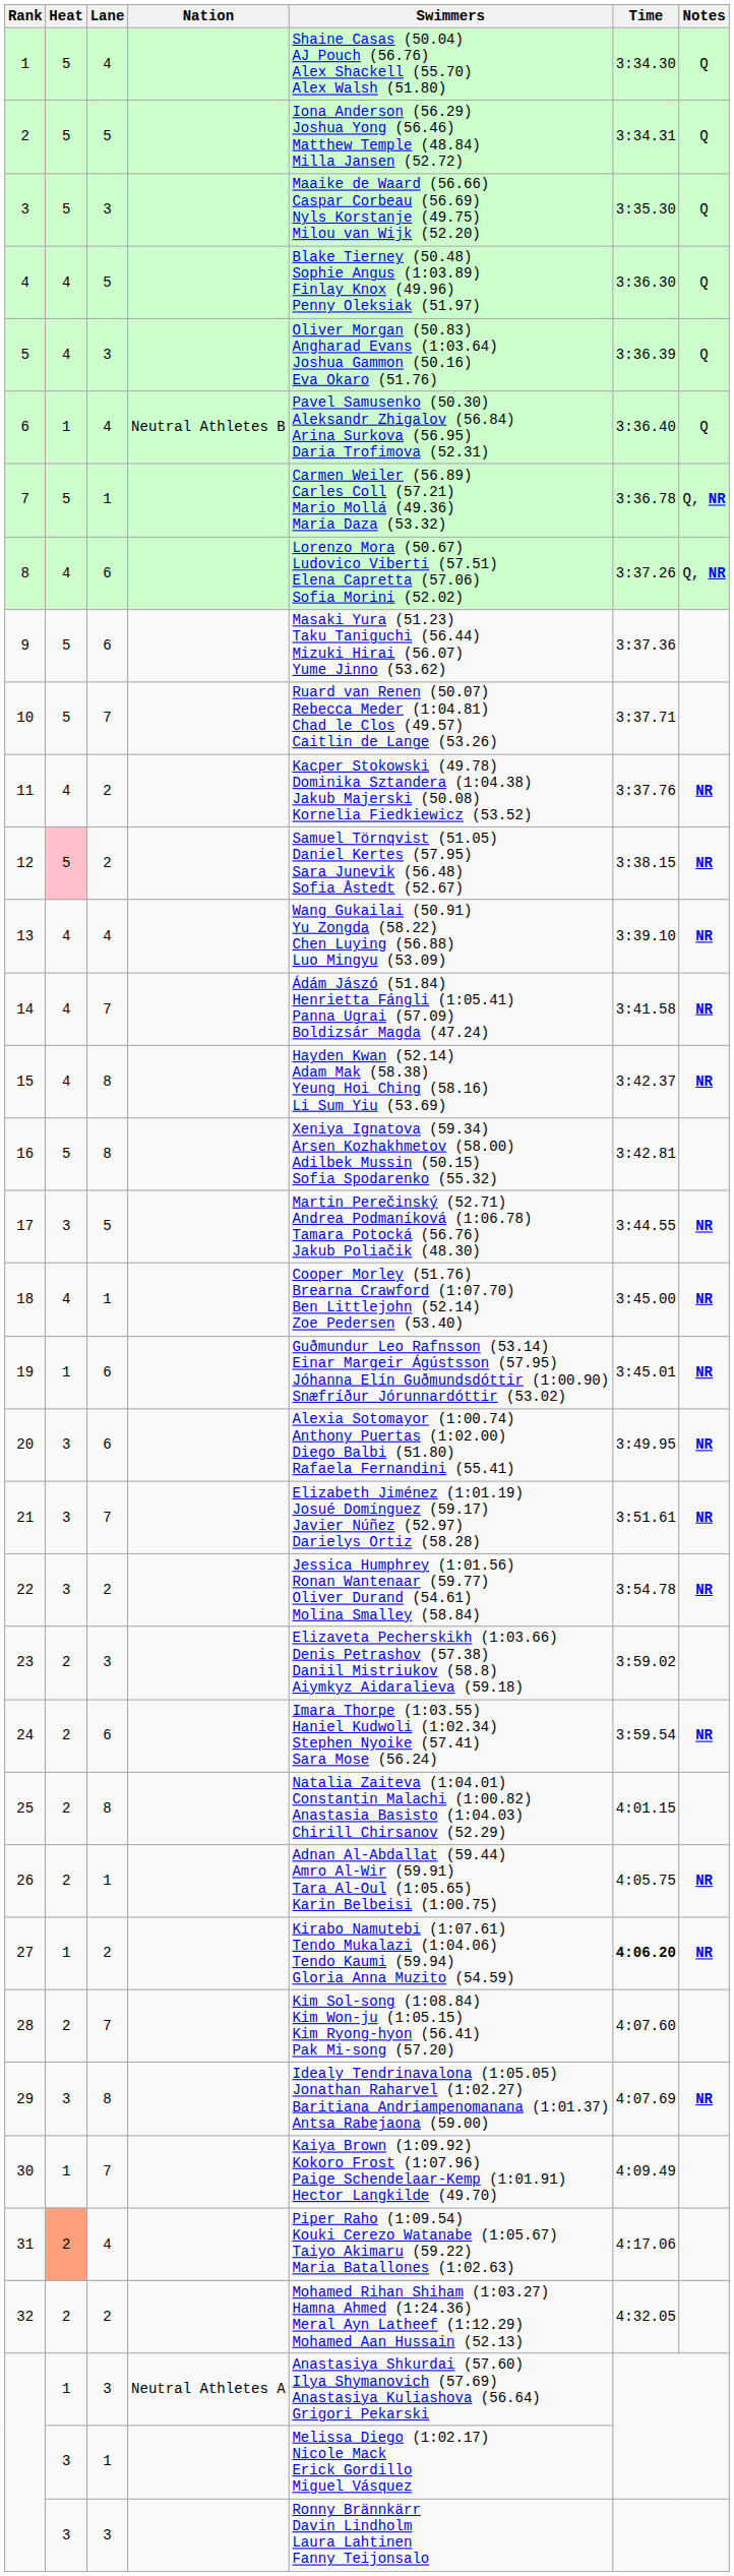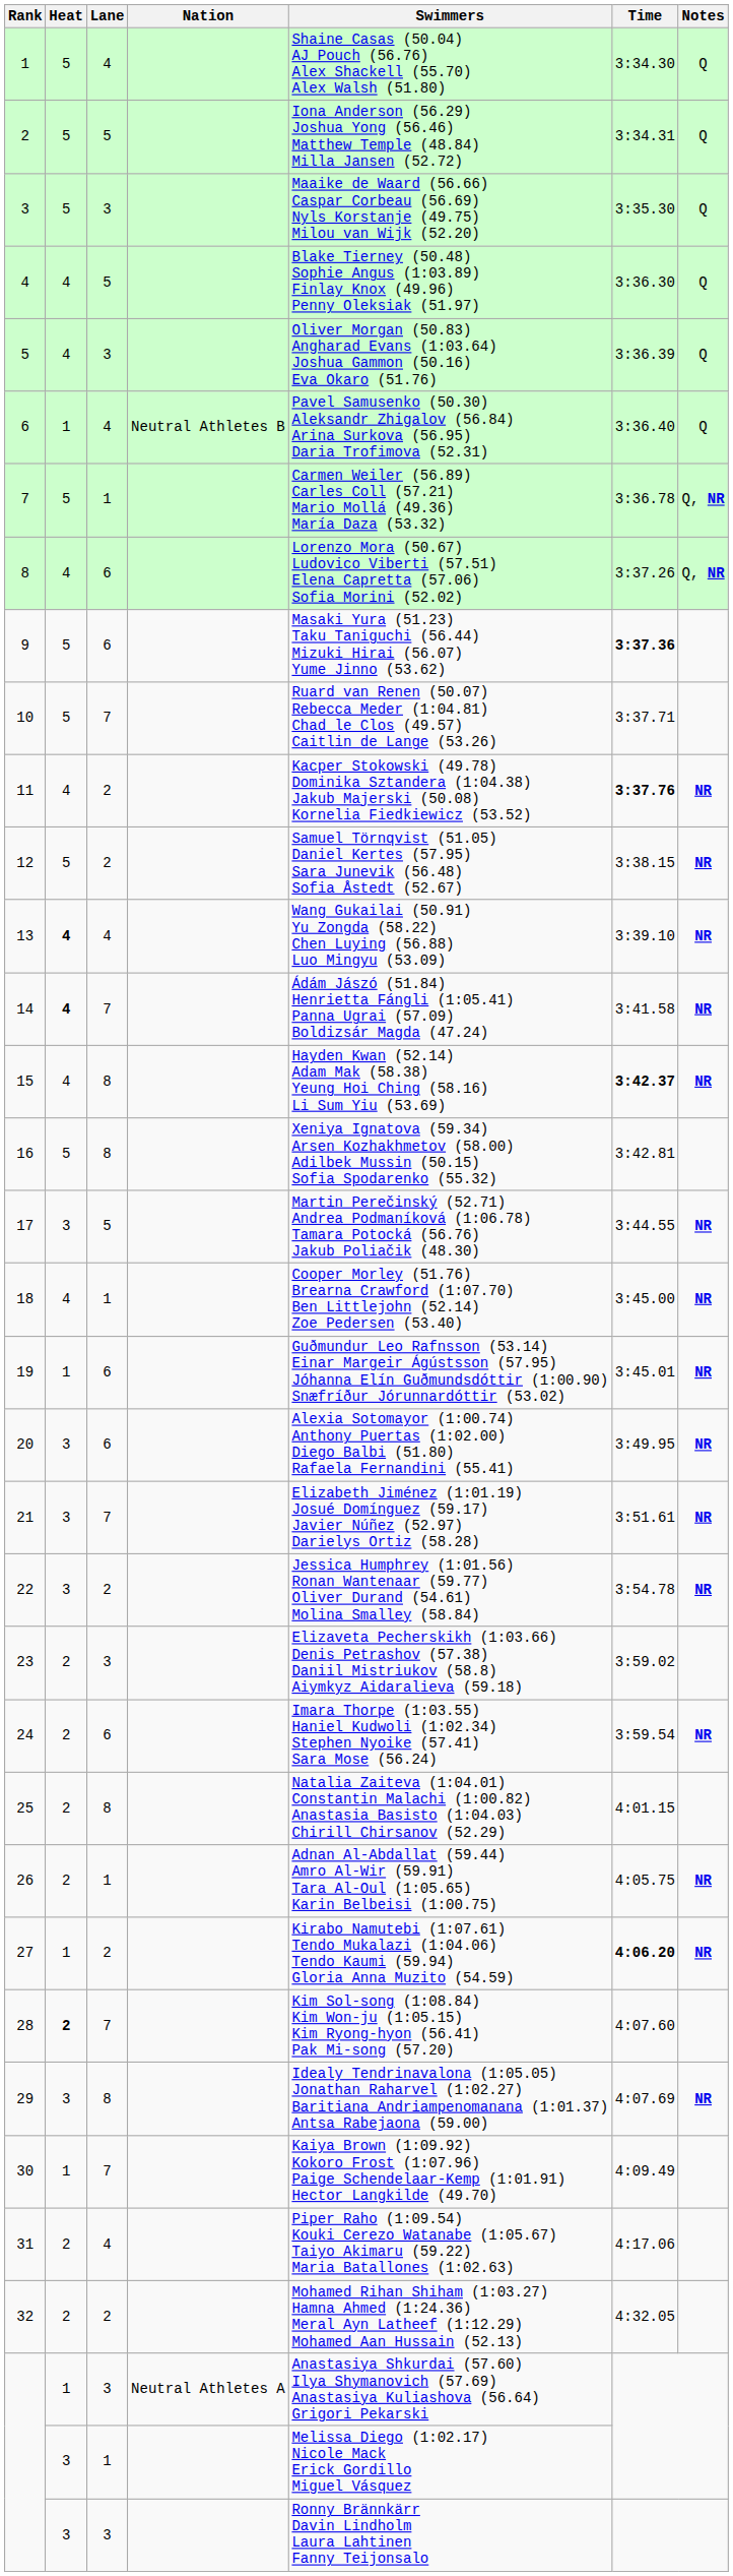 <table class="wikitable sortable" style="text-align:center">
 <tr>
 <th>Rank</th>
 <th>Heat</th>
 <th>Lane</th>
 <th>Nation</th>
 <th>Swimmers</th>
 <th>Time</th>
 <th>Notes</th>
 </tr>
 <tr bgcolor=ccffcc>
 <td>1</td>
 <td>5</td>
 <td>4</td>
 <td align=left></td>
 <td align=left><a href='#'>Shaine Casas</a> (50.04)<br><a href='#'>AJ Pouch</a> (56.76)<br><a href='#'>Alex Shackell</a> (55.70)<br><a href='#'>Alex Walsh</a> (51.80)</td>
 <td>3:34.30</td>
 <td>Q</td>
 </tr>
 <tr bgcolor=ccffcc>
 <td>2</td>
 <td>5</td>
 <td>5</td>
 <td align=left></td>
 <td align=left><a href='#'>Iona Anderson</a> (56.29)<br><a href='#'>Joshua Yong</a> (56.46)<br><a href='#'>Matthew Temple</a> (48.84)<br><a href='#'>Milla Jansen</a> (52.72)</td>
 <td>3:34.31</td>
 <td>Q</td>
 </tr>
 <tr bgcolor=ccffcc>
 <td>3</td>
 <td>5</td>
 <td>3</td>
 <td align=left></td>
 <td align=left><a href='#'>Maaike de Waard</a> (56.66)<br><a href='#'>Caspar Corbeau</a> (56.69)<br><a href='#'>Nyls Korstanje</a> (49.75)<br><a href='#'>Milou van Wijk</a> (52.20)</td>
 <td>3:35.30</td>
 <td>Q</td>
 </tr>
 <tr bgcolor=ccffcc>
 <td>4</td>
 <td>4</td>
 <td>5</td>
 <td align=left></td>
 <td align=left><a href='#'>Blake Tierney</a> (50.48)<br><a href='#'>Sophie Angus</a> (1:03.89)<br><a href='#'>Finlay Knox</a> (49.96)<br><a href='#'>Penny Oleksiak</a> (51.97)</td>
 <td>3:36.30</td>
 <td>Q</td>
 </tr>
 <tr bgcolor=ccffcc>
 <td>5</td>
 <td>4</td>
 <td>3</td>
 <td align=left></td>
 <td align=left><a href='#'>Oliver Morgan</a> (50.83)<br><a href='#'>Angharad Evans</a> (1:03.64)<br><a href='#'>Joshua Gammon</a> (50.16)<br><a href='#'>Eva Okaro</a> (51.76)</td>
 <td>3:36.39</td>
 <td>Q</td>
 </tr>
 <tr bgcolor=ccffcc>
 <td>6</td>
 <td>1</td>
 <td>4</td>
 <td align=left> Neutral Athletes B</td>
 <td align=left><a href='#'>Pavel Samusenko</a> (50.30)<br><a href='#'>Aleksandr Zhigalov</a> (56.84)<br><a href='#'>Arina Surkova</a> (56.95)<br><a href='#'>Daria Trofimova</a> (52.31)</td>
 <td>3:36.40</td>
 <td>Q</td>
 </tr>
 <tr bgcolor=ccffcc>
 <td>7</td>
 <td>5</td>
 <td>1</td>
 <td align=left></td>
 <td align=left><a href='#'>Carmen Weiler</a> (56.89)<br><a href='#'>Carles Coll</a> (57.21)<br><a href='#'>Mario Mollá</a> (49.36)<br><a href='#'>María Daza</a> (53.32)</td>
 <td>3:36.78</td>
 <td>Q, <strong><a href='#'>NR</a></strong></td>
 </tr>
 <tr bgcolor=ccffcc>
 <td>8</td>
 <td>4</td>
 <td>6</td>
 <td align=left></td>
 <td align=left><a href='#'>Lorenzo Mora</a> (50.67)<br><a href='#'>Ludovico Viberti</a> (57.51)<br><a href='#'>Elena Capretta</a> (57.06)<br><a href='#'>Sofia Morini</a> (52.02)</td>
 <td>3:37.26</td>
 <td>Q, <strong><a href='#'>NR</a></strong></td>
 </tr>
 <tr>
 <td>9</td>
 <td>5</td>
 <td>6</td>
 <td align=left></td>
 <td align=left><a href='#'>Masaki Yura</a> (51.23)<br><a href='#'>Taku Taniguchi</a> (56.44)<br><a href='#'>Mizuki Hirai</a> (56.07)<br><a href='#'>Yume Jinno</a> (53.62)</td>
-<td>3:37.36</td>
+<td><strong>3:37.36</strong></td>
 <td></td>
 </tr>
 <tr>
 <td>10</td>
 <td>5</td>
 <td>7</td>
 <td align=left></td>
 <td align=left><a href='#'>Ruard van Renen</a> (50.07)<br><a href='#'>Rebecca Meder</a> (1:04.81)<br><a href='#'>Chad le Clos</a> (49.57)<br><a href='#'>Caitlin de Lange</a> (53.26)</td>
 <td>3:37.71</td>
 <td></td>
 </tr>
 <tr>
 <td>11</td>
 <td>4</td>
 <td>2</td>
 <td align=left></td>
 <td align=left><a href='#'>Kacper Stokowski</a> (49.78)<br><a href='#'>Dominika Sztandera</a> (1:04.38)<br><a href='#'>Jakub Majerski</a> (50.08)<br><a href='#'>Kornelia Fiedkiewicz</a> (53.52)</td>
-<td>3:37.76</td>
+<td><strong>3:37.76</strong></td>
 <td><strong><a href='#'>NR</a></strong></td>
 </tr>
 <tr>
 <td>12</td>
-<td style="background: pink;">5</td>
+<td>5</td>
 <td>2</td>
 <td align=left></td>
 <td align=left><a href='#'>Samuel Törnqvist</a> (51.05)<br><a href='#'>Daniel Kertes</a> (57.95)<br><a href='#'>Sara Junevik</a> (56.48)<br><a href='#'>Sofia Åstedt</a> (52.67)</td>
 <td>3:38.15</td>
 <td><strong><a href='#'>NR</a></strong></td>
 </tr>
 <tr>
 <td>13</td>
-<td>4</td>
+<td><strong>4</strong></td>
 <td>4</td>
 <td align=left></td>
 <td align=left><a href='#'>Wang Gukailai</a> (50.91)<br><a href='#'>Yu Zongda</a> (58.22)<br><a href='#'>Chen Luying</a> (56.88)<br><a href='#'>Luo Mingyu</a> (53.09)</td>
 <td>3:39.10</td>
 <td><strong><a href='#'>NR</a></strong></td>
 </tr>
 <tr>
 <td>14</td>
-<td>4</td>
+<td><strong>4</strong></td>
 <td>7</td>
 <td align=left></td>
 <td align=left><a href='#'>Ádám Jászó</a> (51.84)<br><a href='#'>Henrietta Fángli</a> (1:05.41)<br><a href='#'>Panna Ugrai</a> (57.09)<br><a href='#'>Boldizsár Magda</a> (47.24)</td>
 <td>3:41.58</td>
 <td><strong><a href='#'>NR</a></strong></td>
 </tr>
 <tr>
 <td>15</td>
 <td>4</td>
 <td>8</td>
 <td align=left></td>
 <td align=left><a href='#'>Hayden Kwan</a> (52.14)<br><a href='#'>Adam Mak</a> (58.38)<br><a href='#'>Yeung Hoi Ching</a> (58.16)<br><a href='#'>Li Sum Yiu</a> (53.69)</td>
-<td>3:42.37</td>
+<td><strong>3:42.37</strong></td>
 <td><strong><a href='#'>NR</a></strong></td>
 </tr>
 <tr>
 <td>16</td>
 <td>5</td>
 <td>8</td>
 <td align=left></td>
 <td align=left><a href='#'>Xeniya Ignatova</a> (59.34)<br><a href='#'>Arsen Kozhakhmetov</a> (58.00)<br><a href='#'>Adilbek Mussin</a> (50.15)<br><a href='#'>Sofia Spodarenko</a> (55.32)</td>
 <td>3:42.81</td>
 <td></td>
 </tr>
 <tr>
 <td>17</td>
 <td>3</td>
 <td>5</td>
 <td align=left></td>
 <td align=left><a href='#'>Martin Perečinský</a> (52.71)<br><a href='#'>Andrea Podmaníková</a> (1:06.78)<br><a href='#'>Tamara Potocká</a> (56.76)<br><a href='#'>Jakub Poliačik</a> (48.30)</td>
 <td>3:44.55</td>
 <td><strong><a href='#'>NR</a></strong></td>
 </tr>
 <tr>
 <td>18</td>
 <td>4</td>
 <td>1</td>
 <td align=left></td>
 <td align=left><a href='#'>Cooper Morley</a> (51.76)<br><a href='#'>Brearna Crawford</a> (1:07.70)<br><a href='#'>Ben Littlejohn</a> (52.14)<br><a href='#'>Zoe Pedersen</a> (53.40)</td>
 <td>3:45.00</td>
 <td><strong><a href='#'>NR</a></strong></td>
 </tr>
 <tr>
 <td>19</td>
 <td>1</td>
 <td>6</td>
 <td align=left></td>
 <td align=left><a href='#'>Guðmundur Leo Rafnsson</a> (53.14)<br><a href='#'>Einar Margeir Ágústsson</a> (57.95)<br><a href='#'>Jóhanna Elín Guðmundsdóttir</a> (1:00.90)<br><a href='#'>Snæfríður Jórunnardóttir</a> (53.02)</td>
 <td>3:45.01</td>
 <td><strong><a href='#'>NR</a></strong></td>
 </tr>
 <tr>
 <td>20</td>
 <td>3</td>
 <td>6</td>
 <td align=left></td>
 <td align=left><a href='#'>Alexia Sotomayor</a> (1:00.74)<br><a href='#'>Anthony Puertas</a> (1:02.00)<br><a href='#'>Diego Balbi</a> (51.80)<br><a href='#'>Rafaela Fernandini</a> (55.41)</td>
 <td>3:49.95</td>
 <td><strong><a href='#'>NR</a></strong></td>
 </tr>
 <tr>
 <td>21</td>
 <td>3</td>
 <td>7</td>
 <td align=left></td>
 <td align=left><a href='#'>Elizabeth Jiménez</a> (1:01.19)<br><a href='#'>Josué Domínguez</a> (59.17)<br><a href='#'>Javier Núñez</a> (52.97)<br><a href='#'>Darielys Ortiz</a> (58.28)</td>
 <td>3:51.61</td>
 <td><strong><a href='#'>NR</a></strong></td>
 </tr>
 <tr>
 <td>22</td>
 <td>3</td>
 <td>2</td>
 <td align=left></td>
 <td align=left><a href='#'>Jessica Humphrey</a> (1:01.56)<br><a href='#'>Ronan Wantenaar</a> (59.77)<br><a href='#'>Oliver Durand</a> (54.61)<br><a href='#'>Molina Smalley</a> (58.84)</td>
 <td>3:54.78</td>
 <td><strong><a href='#'>NR</a></strong></td>
 </tr>
 <tr>
 <td>23</td>
 <td>2</td>
 <td>3</td>
 <td align=left></td>
 <td align=left><a href='#'>Elizaveta Pecherskikh</a> (1:03.66)<br><a href='#'>Denis Petrashov</a> (57.38)<br><a href='#'>Daniil Mistriukov</a> (58.8)<br><a href='#'>Aiymkyz Aidaralieva</a> (59.18)</td>
 <td>3:59.02</td>
 <td></td>
 </tr>
 <tr>
 <td>24</td>
 <td>2</td>
 <td>6</td>
 <td align=left></td>
 <td align=left><a href='#'>Imara Thorpe</a> (1:03.55) <br><a href='#'>Haniel Kudwoli</a> (1:02.34)<br><a href='#'>Stephen Nyoike</a> (57.41)<br><a href='#'>Sara Mose</a> (56.24)</td>
 <td>3:59.54</td>
 <td><strong><a href='#'>NR</a></strong></td>
 </tr>
 <tr>
 <td>25</td>
 <td>2</td>
 <td>8</td>
 <td align=left></td>
 <td align=left><a href='#'>Natalia Zaiteva</a> (1:04.01)<br><a href='#'>Constantin Malachi</a> (1:00.82)<br><a href='#'>Anastasia Basisto</a> (1:04.03)<br><a href='#'>Chirill Chirsanov</a> (52.29)</td>
 <td>4:01.15</td>
 <td></td>
 </tr>
 <tr>
 <td>26</td>
 <td>2</td>
 <td>1</td>
 <td align=left></td>
 <td align=left><a href='#'>Adnan Al-Abdallat</a> (59.44)<br><a href='#'>Amro Al-Wir</a> (59.91)<br><a href='#'>Tara Al-Oul</a> (1:05.65)<br><a href='#'>Karin Belbeisi</a> (1:00.75)</td>
 <td>4:05.75</td>
 <td><strong><a href='#'>NR</a></strong></td>
 </tr>
 <tr>
 <td>27</td>
 <td>1</td>
 <td>2</td>
 <td align=left></td>
 <td align=left><a href='#'>Kirabo Namutebi</a> (1:07.61)<br><a href='#'>Tendo Mukalazi</a> (1:04.06)<br><a href='#'>Tendo Kaumi</a> (59.94)<br><a href='#'>Gloria Anna Muzito</a> (54.59)</td>
 <td><strong>4:06.20</strong></td>
 <td><strong><a href='#'>NR</a></strong></td>
 </tr>
 <tr>
 <td>28</td>
-<td>2</td>
+<td><strong>2</strong></td>
 <td>7</td>
 <td align=left></td>
 <td align=left><a href='#'>Kim Sol-song</a> (1:08.84)<br><a href='#'>Kim Won-ju</a> (1:05.15)<br><a href='#'>Kim Ryong-hyon</a> (56.41)<br><a href='#'>Pak Mi-song</a> (57.20)</td>
 <td>4:07.60</td>
 <td></td>
 </tr>
 <tr>
 <td>29</td>
 <td>3</td>
 <td>8</td>
 <td align=left></td>
 <td align=left><a href='#'>Idealy Tendrinavalona</a> (1:05.05)<br><a href='#'>Jonathan Raharvel</a> (1:02.27)<br><a href='#'>Baritiana Andriampenomanana</a> (1:01.37)<br><a href='#'>Antsa Rabejaona</a> (59.00)</td>
 <td>4:07.69</td>
 <td><strong><a href='#'>NR</a></strong></td>
 </tr>
 <tr>
 <td>30</td>
 <td>1</td>
 <td>7</td>
 <td align=left></td>
 <td align=left><a href='#'>Kaiya Brown</a> (1:09.92)<br><a href='#'>Kokoro Frost</a> (1:07.96)<br><a href='#'>Paige Schendelaar-Kemp</a> (1:01.91)<br><a href='#'>Hector Langkilde</a> (49.70)</td>
 <td>4:09.49</td>
 <td></td>
 </tr>
 <tr>
 <td>31</td>
-<td style="background: lightsalmon;">2</td>
+<td>2</td>
 <td>4</td>
 <td align=left></td>
 <td align=left><a href='#'>Piper Raho</a> (1:09.54)<br><a href='#'>Kouki Cerezo Watanabe</a> (1:05.67)<br><a href='#'>Taiyo Akimaru</a> (59.22)<br><a href='#'>Maria Batallones</a> (1:02.63)</td>
 <td>4:17.06</td>
 <td></td>
 </tr>
 <tr>
 <td>32</td>
 <td>2</td>
 <td>2</td>
 <td align=left></td>
 <td align=left><a href='#'>Mohamed Rihan Shiham</a> (1:03.27)<br><a href='#'>Hamna Ahmed</a> (1:24.36)<br><a href='#'>Meral Ayn Latheef</a> (1:12.29)<br><a href='#'>Mohamed Aan Hussain</a> (52.13)</td>
 <td>4:32.05</td>
 <td></td>
 </tr>
 <tr>
 <td rowspan=3></td>
 <td>1</td>
 <td>3</td>
 <td align=left> Neutral Athletes A</td>
 <td align=left><a href='#'>Anastasiya Shkurdai</a> (57.60)<br><a href='#'>Ilya Shymanovich</a> (57.69)<br><a href='#'>Anastasiya Kuliashova</a> (56.64)<br><a href='#'>Grigori Pekarski</a></td>
 <td colspan=2 rowspan=2></td>
 </tr>
 <tr>
 <td>3</td>
 <td>1</td>
 <td align=left></td>
 <td align=left><a href='#'>Melissa Diego</a> (1:02.17)<br><a href='#'>Nicole Mack</a><br><a href='#'>Erick Gordillo</a><br><a href='#'>Miguel Vásquez</a></td>
 </tr>
 <tr>
 <td>3</td>
 <td>3</td>
 <td align=left></td>
 <td align=left><a href='#'>Ronny Brännkärr</a><br><a href='#'>Davin Lindholm</a><br><a href='#'>Laura Lahtinen</a><br><a href='#'>Fanny Teijonsalo</a></td>
 <td colspan=2></td>
 </tr>
 </table>
